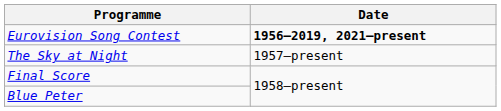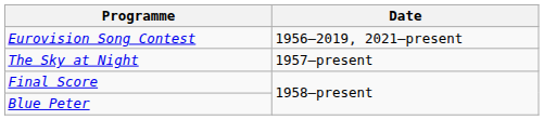 <table class="wikitable">
 <tr>
 <th width=250>Programme</th>
 <th width=250>Date</th>
 </tr>
 <tr>
 <td><em><a href='#'>Eurovision Song Contest</a></em></td>
-<td><strong>1956–2019, 2021–present</strong></td>
+<td>1956–2019, 2021–present</td>
 </tr>
 <tr>
 <td><em><a href='#'>The Sky at Night</a></em></td>
 <td>1957–present</td>
 </tr>
 <tr>
 <td><em><a href='#'>Final Score</a></em></td>
 <td rowspan="2">1958–present</td>
 </tr>
 <tr>
 <td><em><a href='#'>Blue Peter</a></em></td>
 </tr>
 </table>
